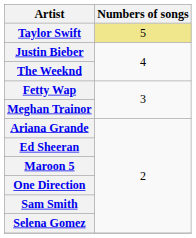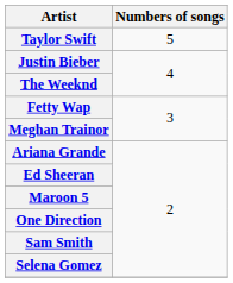 <table class="wikitable sortable plainrowheaders" style="text-align:center;">
 <tr>
 <th scope="col">Artist</th>
 <th scope="col">Numbers of songs</th>
 </tr>
 <tr>
 <th scope="row"><a href='#'>Taylor Swift</a></th>
-<td style="background: khaki;">5</td>
+<td>5</td>
 </tr>
 <tr>
 <th scope="row"><a href='#'>Justin Bieber</a></th>
 <td rowspan="2">4</td>
 </tr>
 <tr>
 <th scope="row"><a href='#'>The Weeknd</a></th>
 </tr>
 <tr>
 <th scope="row"><a href='#'>Fetty Wap</a></th>
 <td rowspan="2">3</td>
 </tr>
 <tr>
 <th scope="row"><a href='#'>Meghan Trainor</a></th>
 </tr>
 <tr>
 <th scope="row"><a href='#'>Ariana Grande</a></th>
 <td rowspan="6">2</td>
 </tr>
 <tr>
 <th scope="row"><a href='#'>Ed Sheeran</a></th>
 </tr>
 <tr>
 <th scope="row"><a href='#'>Maroon 5</a></th>
 </tr>
 <tr>
 <th scope="row"><a href='#'>One Direction</a></th>
 </tr>
 <tr>
 <th scope="row"><a href='#'>Sam Smith</a></th>
 </tr>
 <tr>
 <th scope="row"><a href='#'>Selena Gomez</a></th>
 </tr>
 <tr>
 </tr>
 </table>
